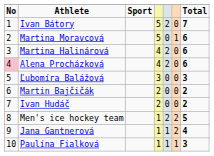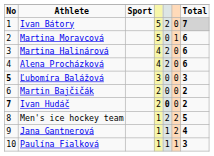 <table class="wikitable">
 <tr style="background:#efefef;">
 </tr>
 <tr align=center>
 <td><strong>No</strong></td>
 <td><strong>Athlete</strong></td>
 <td><strong>Sport</strong></td>
 <td bgcolor=#f7f6a8></td>
 <td bgcolor=#dce5e5></td>
 <td bgcolor=#ffdab9></td>
 <td><strong>Total</strong></td>
 </tr>
 <tr>
 <td>1</td>
 <td><a href='#'>Ivan Bátory</a></td>
 <td></td>
 <td bgcolor=#f7f6a8>5</td>
 <td bgcolor=#dce5e5>2</td>
 <td bgcolor=#ffdab9>0</td>
-<td><strong>7</strong></td>
+<td style="background: lightgrey;"><strong>7</strong></td>
 </tr>
 <tr>
 <td>2</td>
 <td><a href='#'>Martina Moravcová</a></td>
 <td></td>
 <td bgcolor=#f7f6a8>5</td>
 <td bgcolor=#dce5e5>0</td>
 <td bgcolor=#ffdab9>1</td>
 <td><strong>6</strong></td>
 </tr>
 <tr>
 <td>3</td>
 <td><a href='#'>Martina Halinárová</a></td>
 <td></td>
 <td bgcolor=#f7f6a8>4</td>
 <td bgcolor=#dce5e5>2</td>
 <td bgcolor=#ffdab9>0</td>
 <td><strong>6</strong></td>
 </tr>
 <tr>
-<td style="background: pink;">4</td>
+<td>4</td>
 <td><a href='#'>Alena Procházková</a></td>
 <td></td>
 <td bgcolor=#f7f6a8>4</td>
 <td bgcolor=#dce5e5>2</td>
 <td bgcolor=#ffdab9>0</td>
 <td><strong>6</strong></td>
 </tr>
 <tr>
-<td>5</td>
+<td><strong>5</strong></td>
 <td><a href='#'>Ľubomíra Balážová</a></td>
 <td></td>
 <td bgcolor=#f7f6a8>3</td>
 <td bgcolor=#dce5e5>0</td>
 <td bgcolor=#ffdab9>0</td>
 <td><strong>3</strong></td>
 </tr>
 <tr>
 <td>6</td>
 <td><a href='#'>Martin Bajčičák</a></td>
 <td></td>
 <td bgcolor=#f7f6a8>2</td>
 <td bgcolor=#dce5e5>0</td>
 <td bgcolor=#ffdab9>0</td>
 <td><strong>2</strong></td>
 </tr>
 <tr>
-<td>7</td>
+<td><strong>7</strong></td>
 <td><a href='#'>Ivan Hudáč</a></td>
 <td></td>
 <td bgcolor=#f7f6a8>2</td>
-<td bgcolor=#dce5e5>0</td>
+<td bgcolor=#dce5e5><strong>0</strong></td>
 <td bgcolor=#ffdab9>0</td>
 <td><strong>2</strong></td>
 </tr>
 <tr>
 <td>8</td>
 <td>Men's ice hockey team</td>
 <td></td>
 <td bgcolor=#f7f6a8>1</td>
 <td bgcolor=#dce5e5>2</td>
 <td bgcolor=#ffdab9>2</td>
 <td><strong>5</strong></td>
 </tr>
 <tr>
 <td>9</td>
 <td><a href='#'>Jana Gantnerová</a></td>
 <td></td>
 <td bgcolor=#f7f6a8>1</td>
 <td bgcolor=#dce5e5>1</td>
 <td bgcolor=#ffdab9>2</td>
 <td><strong>4</strong></td>
 </tr>
 <tr>
 <td>10</td>
 <td><a href='#'>Paulína Fialková</a></td>
 <td></td>
 <td bgcolor=#f7f6a8>1</td>
 <td bgcolor=#dce5e5>1</td>
 <td bgcolor=#ffdab9>1</td>
 <td><strong>3</strong></td>
 </tr>
 </table>
